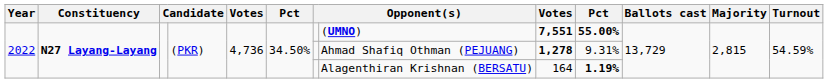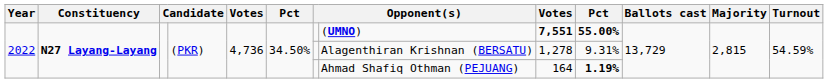 <table class="wikitable" style="margin:0.5em ; font-size:95%">
 <tr>
 <th>Year</th>
 <th>Constituency</th>
 <th colspan=2>Candidate</th>
 <th>Votes</th>
 <th>Pct</th>
 <th colspan=2>Opponent(s)</th>
 <th>Votes</th>
 <th>Pct</th>
 <th>Ballots cast</th>
 <th>Majority</th>
 <th>Turnout</th>
 </tr>
 <tr>
 <td rowspan="3"><a href='#'>2022</a></td>
 <td rowspan="3"><strong>N27 <a href='#'>Layang-Layang</a></strong></td>
 <td rowspan="3" ></td>
 <td rowspan="3"> (<a href='#'>PKR</a>)</td>
 <td rowspan="3" align="right">4,736</td>
 <td rowspan="3">34.50%</td>
 <td></td>
 <td> (<a href='#'><strong>UMNO</strong></a>)</td>
 <td align="right"><strong>7,551</strong></td>
 <td><strong>55.00%</strong></td>
 <td rowspan="3">13,729</td>
 <td rowspan="3">2,815</td>
 <td rowspan="3">54.59%</td>
 </tr>
 <tr>
 <td></td>
-<td>Ahmad Shafiq Othman (<a href='#'>PEJUANG</a>)</td>
-<td align="right"><strong>1,278</strong></td>
+<td>Alagenthiran Krishnan (<a href='#'>BERSATU</a>)</td>
+<td align="right">1,278</td>
 <td align="right">9.31%</td>
 </tr>
 <tr>
 <td></td>
-<td>Alagenthiran Krishnan (<a href='#'>BERSATU</a>)</td>
+<td>Ahmad Shafiq Othman (<a href='#'>PEJUANG</a>)</td>
 <td align="right">164</td>
 <td align="right"><strong>1.19%</strong></td>
 </tr>
 </table>
